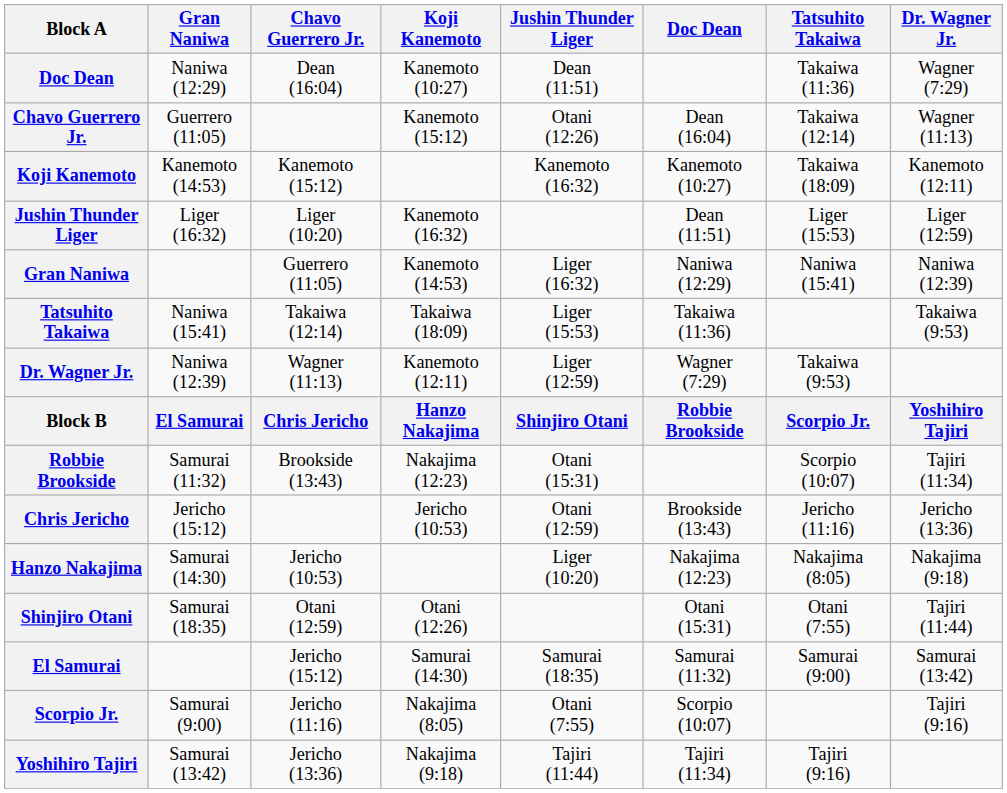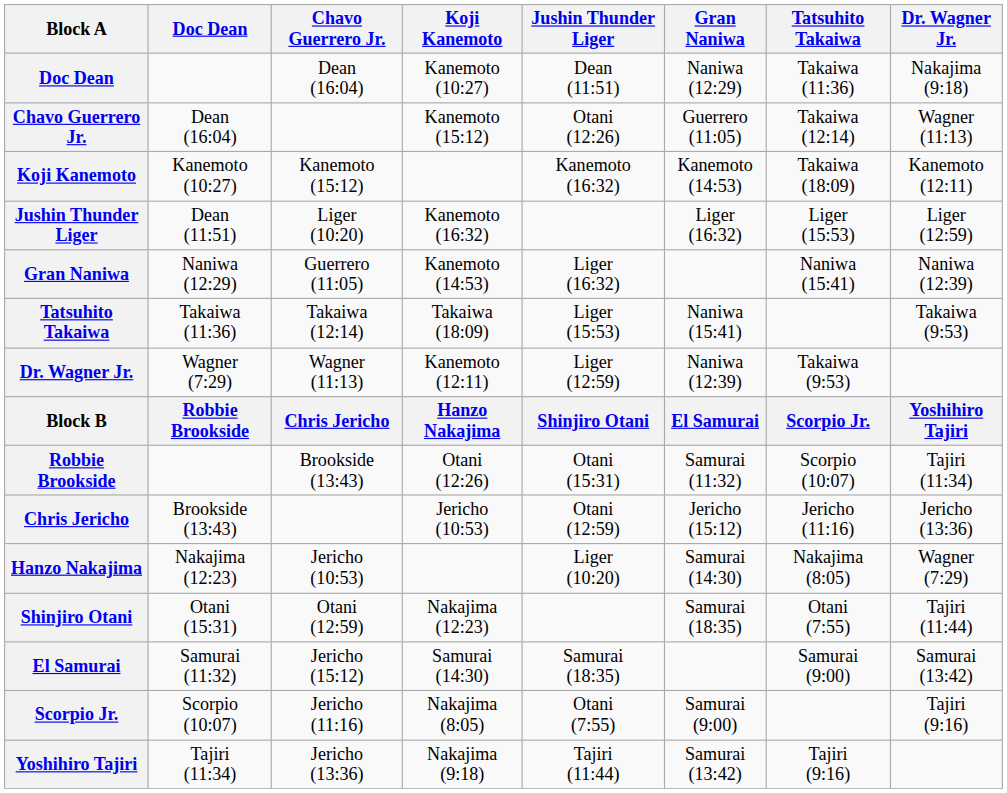 <table class="wikitable" style="margin: 1em auto 1em auto">
 <tr align="center">
 <th>Block A</th>
-<th><a href='#'>Gran Naniwa</a></th>
+<th><a href='#'>Doc Dean</a></th>
 <th><a href='#'>Chavo Guerrero Jr.</a></th>
 <th><a href='#'>Koji Kanemoto</a></th>
 <th><a href='#'>Jushin Thunder Liger</a></th>
-<th><a href='#'>Doc Dean</a></th>
+<th><a href='#'>Gran Naniwa</a></th>
 <th><a href='#'>Tatsuhito Takaiwa</a></th>
 <th><a href='#'>Dr. Wagner Jr.</a></th>
 </tr>
 <tr align="center">
 <th><a href='#'>Doc Dean</a></th>
-<td>Naniwa<br>(12:29)</td>
+<td></td>
 <td>Dean<br>(16:04)</td>
 <td>Kanemoto<br>(10:27)</td>
 <td>Dean<br>(11:51)</td>
-<td></td>
+<td>Naniwa<br>(12:29)</td>
 <td>Takaiwa<br>(11:36)</td>
-<td>Wagner<br>(7:29)</td>
+<td>Nakajima<br>(9:18)</td>
 </tr>
 <tr align="center">
 <th><a href='#'>Chavo Guerrero Jr.</a></th>
-<td>Guerrero<br>(11:05)</td>
+<td>Dean<br>(16:04)</td>
 <td></td>
 <td>Kanemoto<br>(15:12)</td>
 <td>Otani<br>(12:26)</td>
-<td>Dean<br>(16:04)</td>
+<td>Guerrero<br>(11:05)</td>
 <td>Takaiwa<br>(12:14)</td>
 <td>Wagner<br>(11:13)</td>
 </tr>
 <tr align="center">
 <th><a href='#'>Koji Kanemoto</a></th>
-<td>Kanemoto<br>(14:53)</td>
+<td>Kanemoto<br>(10:27)</td>
 <td>Kanemoto<br>(15:12)</td>
 <td></td>
 <td>Kanemoto<br>(16:32)</td>
-<td>Kanemoto<br>(10:27)</td>
+<td>Kanemoto<br>(14:53)</td>
 <td>Takaiwa<br>(18:09)</td>
 <td>Kanemoto<br>(12:11)</td>
 </tr>
 <tr align="center">
 <th><a href='#'>Jushin Thunder Liger</a></th>
-<td>Liger<br>(16:32)</td>
+<td>Dean<br>(11:51)</td>
 <td>Liger<br>(10:20)</td>
 <td>Kanemoto<br>(16:32)</td>
 <td></td>
-<td>Dean<br>(11:51)</td>
+<td>Liger<br>(16:32)</td>
 <td>Liger<br>(15:53)</td>
 <td>Liger<br>(12:59)</td>
 </tr>
 <tr align="center">
 <th><a href='#'>Gran Naniwa</a></th>
-<td></td>
+<td>Naniwa<br>(12:29)</td>
 <td>Guerrero<br>(11:05)</td>
 <td>Kanemoto<br>(14:53)</td>
 <td>Liger<br>(16:32)</td>
-<td>Naniwa<br>(12:29)</td>
+<td></td>
 <td>Naniwa<br>(15:41)</td>
 <td>Naniwa<br>(12:39)</td>
 </tr>
 <tr align="center">
 <th><a href='#'>Tatsuhito Takaiwa</a></th>
-<td>Naniwa<br>(15:41)</td>
+<td>Takaiwa<br>(11:36)</td>
 <td>Takaiwa<br>(12:14)</td>
 <td>Takaiwa<br>(18:09)</td>
 <td>Liger<br>(15:53)</td>
-<td>Takaiwa<br>(11:36)</td>
+<td>Naniwa<br>(15:41)</td>
 <td></td>
 <td>Takaiwa<br>(9:53)</td>
 </tr>
 <tr align="center">
 <th><a href='#'>Dr. Wagner Jr.</a></th>
-<td>Naniwa<br>(12:39)</td>
+<td>Wagner<br>(7:29)</td>
 <td>Wagner<br>(11:13)</td>
 <td>Kanemoto<br>(12:11)</td>
 <td>Liger<br>(12:59)</td>
-<td>Wagner<br>(7:29)</td>
+<td>Naniwa<br>(12:39)</td>
 <td>Takaiwa<br>(9:53)</td>
 <td></td>
 </tr>
 <tr align="center">
 <th>Block B</th>
-<th><a href='#'>El Samurai</a></th>
+<th><a href='#'>Robbie Brookside</a></th>
 <th><a href='#'>Chris Jericho</a></th>
 <th><a href='#'>Hanzo Nakajima</a></th>
 <th><a href='#'>Shinjiro Otani</a></th>
-<th><a href='#'>Robbie Brookside</a></th>
+<th><a href='#'>El Samurai</a></th>
 <th><a href='#'>Scorpio Jr.</a></th>
 <th><a href='#'>Yoshihiro Tajiri</a></th>
 </tr>
 <tr align="center">
 <th><a href='#'>Robbie Brookside</a></th>
+<td></td>
+<td>Brookside<br>(13:43)</td>
+<td>Otani<br>(12:26)</td>
+<td>Otani<br>(15:31)</td>
 <td>Samurai<br>(11:32)</td>
-<td>Brookside<br>(13:43)</td>
-<td>Nakajima<br>(12:23)</td>
-<td>Otani<br>(15:31)</td>
-<td></td>
 <td>Scorpio<br>(10:07)</td>
 <td>Tajiri<br>(11:34)</td>
 </tr>
 <tr align="center">
 <th><a href='#'>Chris Jericho</a></th>
-<td>Jericho<br>(15:12)</td>
+<td>Brookside<br>(13:43)</td>
 <td></td>
 <td>Jericho<br>(10:53)</td>
 <td>Otani<br>(12:59)</td>
-<td>Brookside<br>(13:43)</td>
+<td>Jericho<br>(15:12)</td>
 <td>Jericho<br>(11:16)</td>
 <td>Jericho<br>(13:36)</td>
 </tr>
 <tr align="center">
 <th><a href='#'>Hanzo Nakajima</a></th>
-<td>Samurai<br>(14:30)</td>
+<td>Nakajima<br>(12:23)</td>
 <td>Jericho<br>(10:53)</td>
 <td></td>
 <td>Liger<br>(10:20)</td>
-<td>Nakajima<br>(12:23)</td>
+<td>Samurai<br>(14:30)</td>
 <td>Nakajima<br>(8:05)</td>
-<td>Nakajima<br>(9:18)</td>
+<td>Wagner<br>(7:29)</td>
 </tr>
 <tr align="center">
 <th><a href='#'>Shinjiro Otani</a></th>
+<td>Otani<br>(15:31)</td>
+<td>Otani<br>(12:59)</td>
+<td>Nakajima<br>(12:23)</td>
+<td></td>
 <td>Samurai<br>(18:35)</td>
-<td>Otani<br>(12:59)</td>
-<td>Otani<br>(12:26)</td>
-<td></td>
-<td>Otani<br>(15:31)</td>
 <td>Otani<br>(7:55)</td>
 <td>Tajiri<br>(11:44)</td>
 </tr>
 <tr align="center">
 <th><a href='#'>El Samurai</a></th>
-<td></td>
+<td>Samurai<br>(11:32)</td>
 <td>Jericho<br>(15:12)</td>
 <td>Samurai<br>(14:30)</td>
 <td>Samurai<br>(18:35)</td>
-<td>Samurai<br>(11:32)</td>
+<td></td>
 <td>Samurai<br>(9:00)</td>
 <td>Samurai<br>(13:42)</td>
 </tr>
 <tr align="center">
 <th><a href='#'>Scorpio Jr.</a></th>
-<td>Samurai<br>(9:00)</td>
+<td>Scorpio<br>(10:07)</td>
 <td>Jericho<br>(11:16)</td>
 <td>Nakajima<br>(8:05)</td>
 <td>Otani<br>(7:55)</td>
-<td>Scorpio<br>(10:07)</td>
+<td>Samurai<br>(9:00)</td>
 <td></td>
 <td>Tajiri<br>(9:16)</td>
 </tr>
 <tr align="center">
 <th><a href='#'>Yoshihiro Tajiri</a></th>
-<td>Samurai<br>(13:42)</td>
+<td>Tajiri<br>(11:34)</td>
 <td>Jericho<br>(13:36)</td>
 <td>Nakajima<br>(9:18)</td>
 <td>Tajiri<br>(11:44)</td>
-<td>Tajiri<br>(11:34)</td>
+<td>Samurai<br>(13:42)</td>
 <td>Tajiri<br>(9:16)</td>
 <td></td>
 </tr>
 </table>
